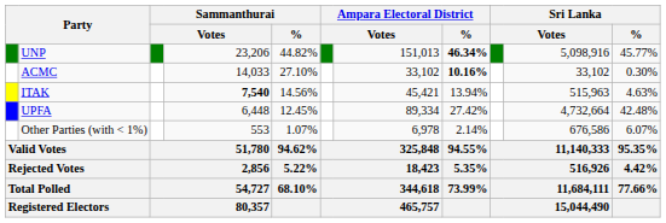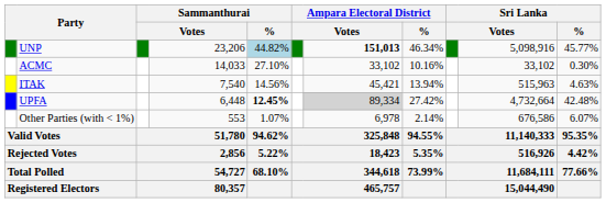 <table class="wikitable">
 <tr>
 <th colspan="2" width="144px"rowspan="2">Party</th>
 <th colspan="3" width="216px">Sammanthurai</th>
 <th colspan="3" width="216px"><a href='#'>Ampara Electoral District</a></th>
 <th colspan="3" width="216px">Sri Lanka</th>
 </tr>
 <tr>
 <th colspan="2" width="144px">Votes</th>
 <th>%</th>
 <th colspan="2" width="144px">Votes</th>
 <th>%</th>
 <th colspan="2" width="144px">Votes</th>
 <th>%</th>
 </tr>
 <tr>
 <td style="background-color:green;" width="10px"></td>
 <td style="text-align:left;"><a href='#'>UNP</a></td>
 <td style="background-color:green;" width="10px"></td>
 <td style="text-align:right;">23,206</td>
-<td style="text-align:right;">44.82%</td>
+<td style="background: lightblue; text-align:right;">44.82%</td>
 <td style="background-color:green;" width="10px"></td>
-<td style="text-align:right;">151,013</td>
-<td style="text-align:right;"><strong>46.34%</strong></td>
+<td style="text-align:right;"><strong>151,013</strong></td>
+<td style="text-align:right;">46.34%</td>
 <td style="background-color:green;" width="10px"></td>
 <td style="text-align:right;">5,098,916</td>
 <td style="text-align:right;">45.77%</td>
 </tr>
 <tr>
 <td style="background-color:white;" width="10px"></td>
 <td style="text-align:left;"><a href='#'>ACMC</a></td>
 <td style="background-color:white;" width="10px"></td>
 <td style="text-align:right;">14,033</td>
 <td style="text-align:right;">27.10%</td>
 <td style="background-color:white;" width="10px"></td>
 <td style="text-align:right;">33,102</td>
-<td style="text-align:right;"><strong>10.16%</strong></td>
+<td style="text-align:right;">10.16%</td>
 <td style="background-color:white;" width="10px"></td>
 <td style="text-align:right;">33,102</td>
 <td style="text-align:right;">0.30%</td>
 </tr>
 <tr>
 <td style="background-color:yellow;" width="10px"></td>
 <td style="text-align:left;"><a href='#'>ITAK</a></td>
 <td style="background-color:white;" width="10px"></td>
-<td style="text-align:right;"><strong>7,540</strong></td>
+<td style="text-align:right;">7,540</td>
 <td style="text-align:right;">14.56%</td>
 <td style="background-color:white;" width="10px"></td>
 <td style="text-align:right;">45,421</td>
 <td style="text-align:right;">13.94%</td>
 <td style="background-color:white;" width="10px"></td>
 <td style="text-align:right;">515,963</td>
 <td style="text-align:right;">4.63%</td>
 </tr>
 <tr>
 <td style="background-color:blue;" width="10px"></td>
 <td style="text-align:left;"><a href='#'>UPFA</a></td>
 <td style="background-color:white;" width="10px"></td>
 <td style="text-align:right;">6,448</td>
-<td style="text-align:right;">12.45%</td>
+<td style="text-align:right;"><strong>12.45%</strong></td>
 <td style="background-color:white;" width="10px"></td>
-<td style="text-align:right;">89,334</td>
+<td style="background: lightgrey; text-align:right;">89,334</td>
 <td style="text-align:right;">27.42%</td>
 <td style="background-color:white;" width="10px"></td>
 <td style="text-align:right;">4,732,664</td>
 <td style="text-align:right;">42.48%</td>
 </tr>
 <tr>
 <td style="background-color:white;" width="10px"></td>
 <td style="text-align:left;">Other Parties (with < 1%)</td>
 <td style="background-color:white;" width="10px"></td>
 <td style="text-align:right;">553</td>
 <td style="text-align:right;">1.07%</td>
 <td style="background-color:white;" width="10px"></td>
 <td style="text-align:right;">6,978</td>
 <td style="text-align:right;">2.14%</td>
 <td style="background-color:white;" width="10px"></td>
 <td style="text-align:right;">676,586</td>
 <td style="text-align:right;">6.07%</td>
 </tr>
 <tr>
 <th colspan="2" width="144px"style="text-align:left;">Valid Votes</th>
 <th style="text-align:right;"colspan="2" width="144px">51,780</th>
 <th style="text-align:right;">94.62%</th>
 <th style="text-align:right;"colspan="2" width="144px">325,848</th>
 <th style="text-align:right;">94.55%</th>
 <th style="text-align:right;"colspan="2" width="144px">11,140,333</th>
 <th style="text-align:right;">95.35%</th>
 </tr>
 <tr>
 <th colspan="2" width="144px"style="text-align:left;">Rejected Votes</th>
 <th style="text-align:right;"colspan="2" width="144px">2,856</th>
 <th style="text-align:right;">5.22%</th>
 <th style="text-align:right;"colspan="2" width="144px">18,423</th>
 <th style="text-align:right;">5.35%</th>
 <th style="text-align:right;"colspan="2" width="144px">516,926</th>
 <th style="text-align:right;">4.42%</th>
 </tr>
 <tr>
 <th colspan="2" width="144px"style="text-align:left;">Total Polled</th>
 <th style="text-align:right;"colspan="2" width="144px">54,727</th>
 <th style="text-align:right;">68.10%</th>
 <th style="text-align:right;"colspan="2" width="144px">344,618</th>
 <th style="text-align:right;">73.99%</th>
 <th style="text-align:right;"colspan="2" width="144px">11,684,111</th>
 <th style="text-align:right;">77.66%</th>
 </tr>
 <tr>
 <th colspan="2" width="144px"style="text-align:left;">Registered Electors</th>
 <th style="text-align:right;"colspan="2" width="144px">80,357</th>
 <th></th>
 <th style="text-align:right;"colspan="2" width="144px">465,757</th>
 <th></th>
 <th style="text-align:right;"colspan="2" width="144px">15,044,490</th>
 <th></th>
 </tr>
 </table>
